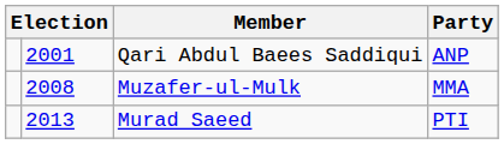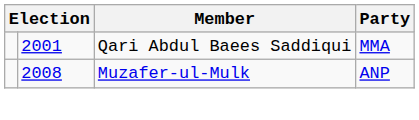 <table class="wikitable">
 <tr>
 <th colspan="2">Election</th>
 <th>Member</th>
 <th>Party</th>
 </tr>
 <tr>
 <td style="background-color: "></td>
 <td><a href='#'>2001</a></td>
 <td>Qari Abdul Baees Saddiqui</td>
-<td><a href='#'>ANP</a></td>
+<td><a href='#'>MMA</a></td>
 </tr>
 <tr>
 <td style="background-color: "></td>
 <td><a href='#'>2008</a></td>
 <td><a href='#'>Muzafer-ul-Mulk</a></td>
-<td><a href='#'>MMA</a></td>
-</tr>
-<tr>
-<td style="background-color: "></td>
-<td><a href='#'>2013</a></td>
-<td><a href='#'>Murad Saeed</a></td>
-<td><a href='#'>PTI</a></td>
+<td><a href='#'>ANP</a></td>
 </tr>
 </table>
